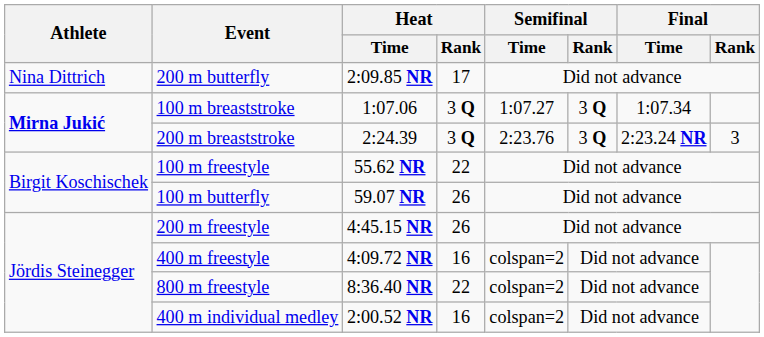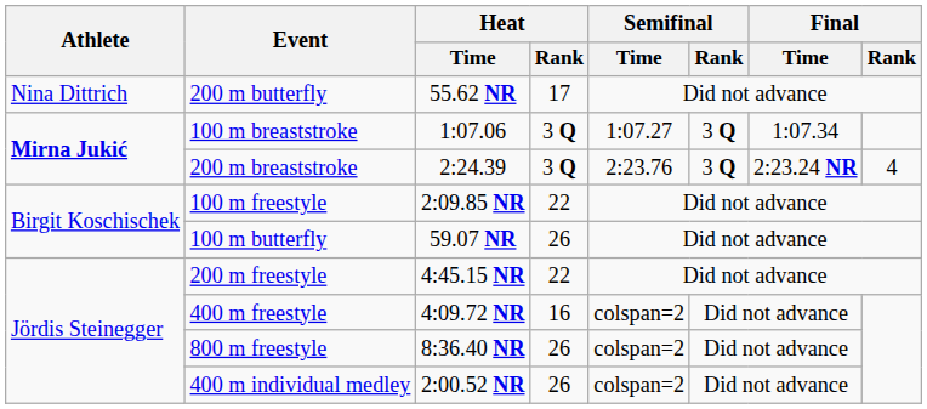 <table class=wikitable style="font-size:90%">
 <tr>
 <th rowspan="2">Athlete</th>
 <th rowspan="2">Event</th>
 <th colspan="2">Heat</th>
 <th colspan="2">Semifinal</th>
 <th colspan="2">Final</th>
 </tr>
 <tr style="font-size:95%">
 <th>Time</th>
 <th>Rank</th>
 <th>Time</th>
 <th>Rank</th>
 <th>Time</th>
 <th>Rank</th>
 </tr>
 <tr align=center>
 <td align=left><a href='#'>Nina Dittrich</a></td>
 <td align=left><a href='#'>200 m butterfly</a></td>
-<td>2:09.85 <strong><a href='#'>NR</a></strong></td>
+<td>55.62 <strong><a href='#'>NR</a></strong></td>
 <td>17</td>
 <td colspan=4>Did not advance</td>
 </tr>
 <tr align=center>
 <td align=left rowspan=2><strong><a href='#'>Mirna Jukić</a></strong></td>
 <td align=left><a href='#'>100 m breaststroke</a></td>
 <td>1:07.06</td>
 <td>3 <strong>Q</strong></td>
 <td>1:07.27</td>
 <td>3 <strong>Q</strong></td>
 <td>1:07.34</td>
 <td></td>
 </tr>
 <tr align=center>
 <td align=left><a href='#'>200 m breaststroke</a></td>
 <td>2:24.39</td>
 <td>3 <strong>Q</strong></td>
 <td>2:23.76</td>
 <td>3 <strong>Q</strong></td>
 <td>2:23.24 <strong><a href='#'>NR</a></strong></td>
-<td>3</td>
+<td>4</td>
 </tr>
 <tr align=center>
 <td align=left rowspan=2><a href='#'>Birgit Koschischek</a></td>
 <td align=left><a href='#'>100 m freestyle</a></td>
-<td>55.62 <strong><a href='#'>NR</a></strong></td>
+<td>2:09.85 <strong><a href='#'>NR</a></strong></td>
 <td>22</td>
 <td colspan=4>Did not advance</td>
 </tr>
 <tr align=center>
 <td align=left><a href='#'>100 m butterfly</a></td>
 <td>59.07 <strong><a href='#'>NR</a></strong></td>
 <td>26</td>
 <td colspan=4>Did not advance</td>
 </tr>
 <tr align=center>
 <td align=left rowspan=4><a href='#'>Jördis Steinegger</a></td>
 <td align=left><a href='#'>200 m freestyle</a></td>
 <td>4:45.15 <strong><a href='#'>NR</a></strong></td>
-<td>26</td>
+<td>22</td>
 <td colspan=4>Did not advance</td>
 </tr>
 <tr align=center>
 <td align=left><a href='#'>400 m freestyle</a></td>
 <td>4:09.72 <strong><a href='#'>NR</a></strong></td>
 <td>16</td>
 <td>colspan=2 </td>
 <td colspan=2>Did not advance</td>
 </tr>
 <tr align=center>
 <td align=left><a href='#'>800 m freestyle</a></td>
 <td>8:36.40 <strong><a href='#'>NR</a></strong></td>
-<td>22</td>
+<td>26</td>
 <td>colspan=2 </td>
 <td colspan=2>Did not advance</td>
 </tr>
 <tr align=center>
 <td align=left><a href='#'>400 m individual medley</a></td>
 <td>2:00.52 <strong><a href='#'>NR</a></strong></td>
-<td>16</td>
+<td>26</td>
 <td>colspan=2 </td>
 <td colspan=2>Did not advance</td>
 </tr>
 </table>
